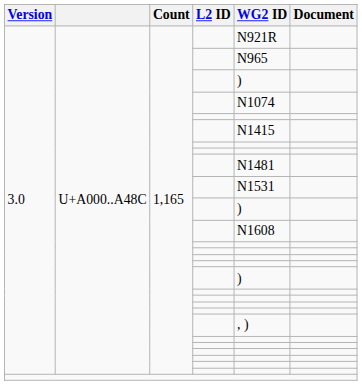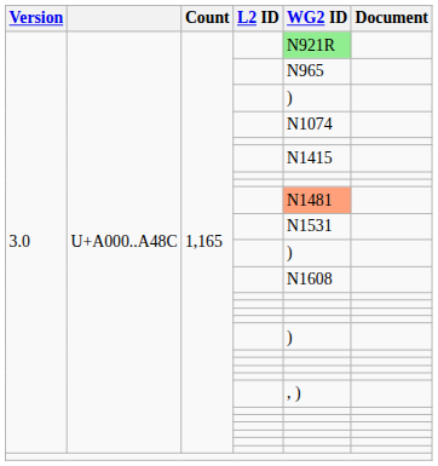 <table class="wikitable collapsible sticky-header">
 <tr>
 <th><a href='#'>Version</a></th>
 <th></th>
 <th>Count</th>
 <th><a href='#'>L2</a> ID</th>
 <th><a href='#'>WG2</a> ID</th>
 <th>Document</th>
 </tr>
 <tr>
 <td rowspan="28">3.0</td>
 <td rowspan="28">U+A000..A48C</td>
 <td rowspan="28">1,165</td>
 <td></td>
-<td>N921R</td>
+<td style="background: lightgreen;">N921R</td>
 <td></td>
 </tr>
 <tr>
 <td></td>
 <td>N965</td>
 <td></td>
 </tr>
 <tr>
 <td></td>
 <td> )</td>
 <td></td>
 </tr>
 <tr>
 <td></td>
 <td>N1074</td>
 <td></td>
 </tr>
 <tr>
 <td></td>
 <td></td>
 <td></td>
 </tr>
 <tr>
 <td></td>
 <td>N1415</td>
 <td></td>
 </tr>
 <tr>
 <td></td>
 <td></td>
 <td></td>
 </tr>
 <tr>
 <td></td>
 <td></td>
 <td></td>
 </tr>
 <tr>
 <td></td>
-<td>N1481</td>
+<td style="background: lightsalmon;">N1481</td>
 <td></td>
 </tr>
 <tr>
 <td></td>
 <td>N1531</td>
 <td></td>
 </tr>
 <tr>
 <td></td>
 <td> )</td>
 <td></td>
 </tr>
 <tr>
 <td></td>
 <td>N1608</td>
 <td></td>
 </tr>
 <tr>
 <td></td>
 <td></td>
 <td></td>
 </tr>
 <tr>
 <td></td>
 <td></td>
 <td></td>
 </tr>
 <tr>
 <td></td>
 <td></td>
 <td></td>
 </tr>
 <tr>
 <td></td>
 <td></td>
 <td></td>
 </tr>
 <tr>
 <td></td>
 <td> )</td>
 <td></td>
 </tr>
 <tr>
 <td></td>
 <td></td>
 <td></td>
 </tr>
 <tr>
 <td></td>
 <td></td>
 <td></td>
 </tr>
 <tr>
 <td></td>
 <td></td>
 <td></td>
 </tr>
 <tr>
 <td></td>
 <td></td>
 <td></td>
 </tr>
 <tr>
 <td></td>
 <td> , )</td>
 <td></td>
 </tr>
 <tr>
 <td></td>
 <td></td>
 <td></td>
 </tr>
 <tr>
 <td></td>
 <td></td>
 <td></td>
 </tr>
 <tr>
 <td></td>
 <td></td>
 <td></td>
 </tr>
 <tr>
 <td></td>
 <td></td>
 <td></td>
 </tr>
 <tr>
 <td></td>
 <td></td>
 <td></td>
 </tr>
 <tr>
 <td></td>
 <td></td>
 <td></td>
 </tr>
 <tr class="sortbottom">
 <td colspan="6"></td>
 </tr>
 </table>
